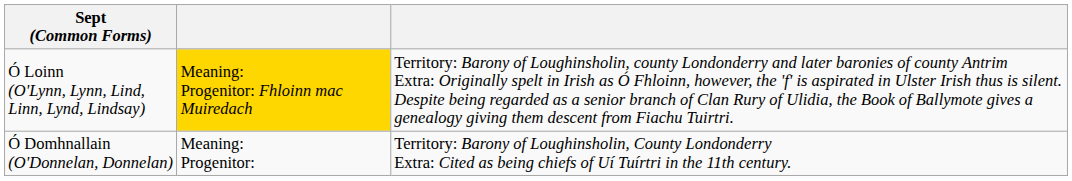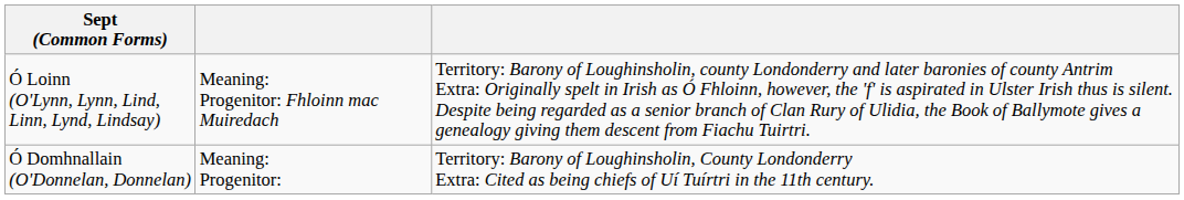 <table class="wikitable">
 <tr>
 <th width="160"><strong>Sept</strong><br><strong><em>(Common Forms)</em></strong></th>
 <th width="200"></th>
 <th width="650"></th>
 </tr>
 <tr>
 <td>Ó Loinn<br><em>(O'Lynn, Lynn, Lind, Linn, Lynd, Lindsay)</em></td>
-<td style="background: gold;">Meaning:<br>Progenitor: <em>Fhloinn mac Muiredach</em></td>
+<td>Meaning:<br>Progenitor: <em>Fhloinn mac Muiredach</em></td>
 <td>Territory: <em>Barony of Loughinsholin, county Londonderry and later baronies of county Antrim</em><br>Extra: <em>Originally spelt in Irish as Ó Fhloinn, however, the 'f' is aspirated in Ulster Irish thus is silent. Despite being regarded as a senior branch of Clan Rury of Ulidia, the Book of Ballymote gives a genealogy giving them descent from Fiachu Tuirtri.</em></td>
 </tr>
 <tr>
 <td>Ó Domhnallain<br><em>(O'Donnelan, Donnelan)</em></td>
 <td>Meaning:<br>Progenitor:</td>
 <td>Territory: <em>Barony of Loughinsholin, County Londonderry</em><br>Extra: <em>Cited as being chiefs of Uí Tuírtri in the 11th century.</em></td>
 </tr>
 </table>
